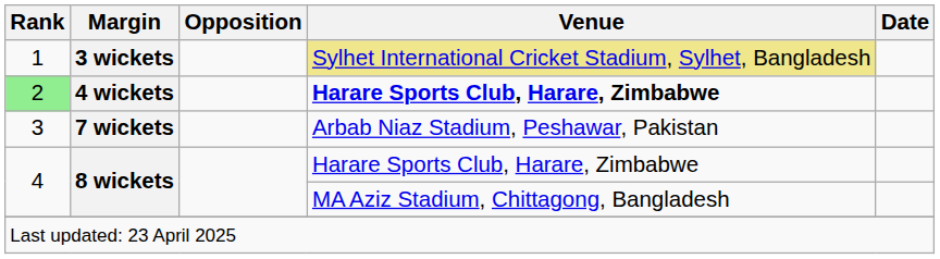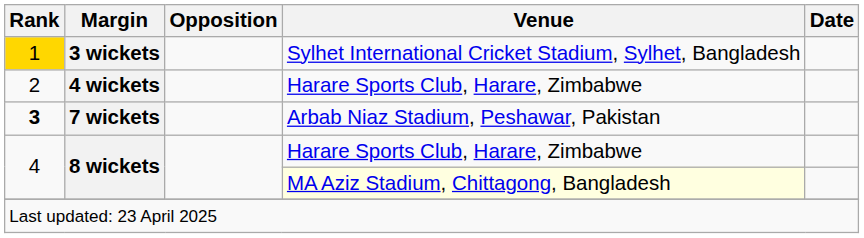 <table class="wikitable plainrowheaders sortable">
 <tr>
 <th scope=col>Rank</th>
 <th scope=col>Margin</th>
 <th scope=col>Opposition</th>
 <th scope=col>Venue</th>
 <th scope=col>Date</th>
 </tr>
 <tr>
-<td align=center>1</td>
+<td align=center style="background: gold;">1</td>
 <th scope=row style=text-align:center>3 wickets</th>
 <td></td>
-<td style="background: khaki;"><a href='#'>Sylhet International Cricket Stadium</a>, <a href='#'>Sylhet</a>, Bangladesh</td>
+<td><a href='#'>Sylhet International Cricket Stadium</a>, <a href='#'>Sylhet</a>, Bangladesh</td>
 <td></td>
 </tr>
 <tr>
-<td align=center style="background: lightgreen;">2</td>
+<td align=center>2</td>
 <th scope=row style=text-align:center>4 wickets</th>
 <td></td>
-<td><strong><a href='#'>Harare Sports Club</a>, <a href='#'>Harare</a>, Zimbabwe</strong></td>
+<td><a href='#'>Harare Sports Club</a>, <a href='#'>Harare</a>, Zimbabwe</td>
 <td></td>
 </tr>
 <tr>
-<td align=center>3</td>
+<td align=center><strong>3</strong></td>
 <th scope=row style=text-align:center>7 wickets</th>
 <td></td>
 <td><a href='#'>Arbab Niaz Stadium</a>, <a href='#'>Peshawar</a>, Pakistan</td>
 <td></td>
 </tr>
 <tr>
 <td align=center rowspan=2>4</td>
 <th scope=row style=text-align:center rowspan=2>8 wickets</th>
 <td rowspan=2></td>
 <td><a href='#'>Harare Sports Club</a>, <a href='#'>Harare</a>, Zimbabwe</td>
 <td></td>
 </tr>
 <tr>
-<td><a href='#'>MA Aziz Stadium</a>, <a href='#'>Chittagong</a>, Bangladesh</td>
+<td style="background: lightyellow;"><a href='#'>MA Aziz Stadium</a>, <a href='#'>Chittagong</a>, Bangladesh</td>
 <td></td>
 </tr>
 <tr>
 </tr>
 <tr class=sortbottom>
 <td colspan=6><small>Last updated: 23 April 2025</small></td>
 </tr>
 </table>
